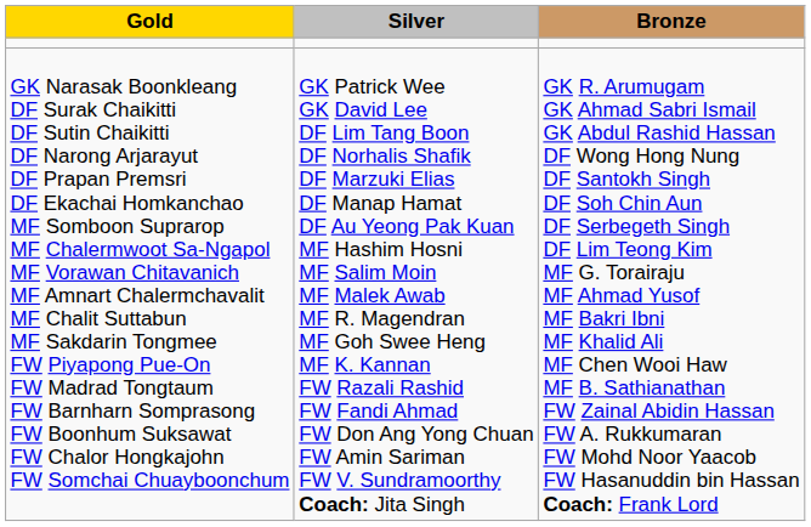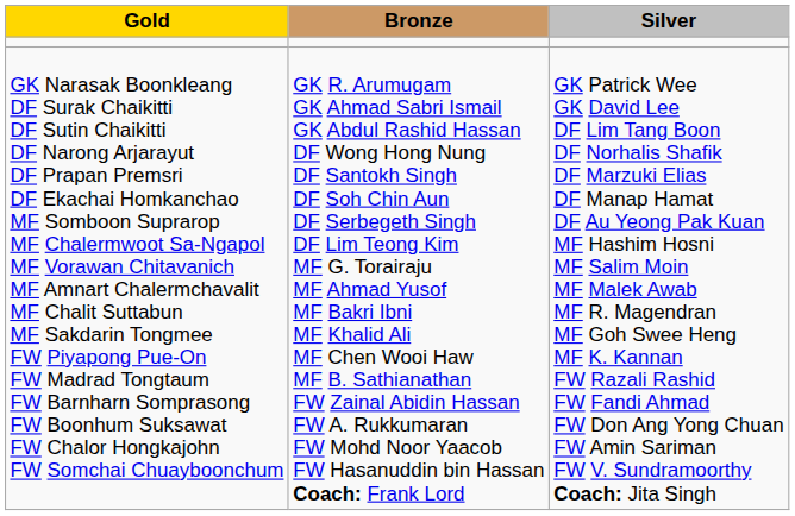 <table class="wikitable">
 <tr>
 <th style="background: gold">Gold</th>
+<th style="background: #cc9966">Bronze</th>
 <th style="background: silver">Silver</th>
-<th style="background: #cc9966">Bronze</th>
 </tr>
 <tr>
 <td align="center"></td>
 <td align="center"></td>
 <td align="center"></td>
 </tr>
 <tr>
 <td valign=top><br><a href='#'>GK</a> Narasak Boonkleang<br> <a href='#'>DF</a> Surak Chaikitti<br> <a href='#'>DF</a> Sutin Chaikitti<br> <a href='#'>DF</a> Narong Arjarayut <br> <a href='#'>DF</a> Prapan Premsri <br> <a href='#'>DF</a> Ekachai Homkanchao <br> <a href='#'>MF</a> Somboon Suprarop<br> <a href='#'>MF</a> <a href='#'>Chalermwoot Sa-Ngapol</a> <br> <a href='#'>MF</a> <a href='#'>Vorawan Chitavanich</a><br> <a href='#'>MF</a> Amnart Chalermchavalit<br> <a href='#'>MF</a> Chalit Suttabun<br> <a href='#'>MF</a> Sakdarin Tongmee<br> <a href='#'>FW</a> <a href='#'>Piyapong Pue-On</a><br> <a href='#'>FW</a> Madrad Tongtaum<br> <a href='#'>FW</a> Barnharn Somprasong<br> <a href='#'>FW</a> Boonhum Suksawat<br> <a href='#'>FW</a> Chalor Hongkajohn<br> <a href='#'>FW</a> <a href='#'>Somchai Chuayboonchum</a><br></td>
+<td valign=top><br><a href='#'>GK</a> <a href='#'>R. Arumugam</a><br> <a href='#'>GK</a> <a href='#'>Ahmad Sabri Ismail</a> <br> <a href='#'>GK</a> <a href='#'>Abdul Rashid Hassan</a><br> <a href='#'>DF</a> Wong Hong Nung<br> <a href='#'>DF</a> <a href='#'>Santokh Singh</a><br> <a href='#'>DF</a> <a href='#'>Soh Chin Aun</a><br> <a href='#'>DF</a> <a href='#'>Serbegeth Singh</a><br> <a href='#'>DF</a> <a href='#'>Lim Teong Kim</a><br> <a href='#'>MF</a> G. Torairaju<br> <a href='#'>MF</a> <a href='#'>Ahmad Yusof</a><br> <a href='#'>MF</a> <a href='#'>Bakri Ibni</a><br> <a href='#'>MF</a> <a href='#'>Khalid Ali</a><br> <a href='#'>MF</a> Chen Wooi Haw<br> <a href='#'>MF</a> <a href='#'>B. Sathianathan</a><br> <a href='#'>FW</a> <a href='#'>Zainal Abidin Hassan</a><br> <a href='#'>FW</a> A. Rukkumaran <br> <a href='#'>FW</a> Mohd Noor Yaacob <br> <a href='#'>FW</a> Hasanuddin bin Hassan<br> <strong>Coach:</strong> <a href='#'>Frank Lord</a> <br></td>
 <td valign="top"><br><a href='#'>GK</a> Patrick Wee<br> <a href='#'>GK</a> <a href='#'>David Lee</a><br> <a href='#'>DF</a> <a href='#'>Lim Tang Boon</a><br> <a href='#'>DF</a> <a href='#'>Norhalis Shafik</a><br> <a href='#'>DF</a> <a href='#'>Marzuki Elias</a><br> <a href='#'>DF</a> Manap Hamat<br> <a href='#'>DF</a> <a href='#'>Au Yeong Pak Kuan</a><br> <a href='#'>MF</a> Hashim Hosni<br> <a href='#'>MF</a> <a href='#'>Salim Moin</a><br> <a href='#'>MF</a> <a href='#'>Malek Awab</a><br> <a href='#'>MF</a> R. Magendran<br> <a href='#'>MF</a> Goh Swee Heng<br> <a href='#'>MF</a> <a href='#'>K. Kannan</a><br> <a href='#'>FW</a> <a href='#'>Razali Rashid</a><br> <a href='#'>FW</a> <a href='#'>Fandi Ahmad</a><br> <a href='#'>FW</a> Don Ang Yong Chuan<br> <a href='#'>FW</a> Amin Sariman<br> <a href='#'>FW</a> <a href='#'>V. Sundramoorthy</a><br> <strong>Coach:</strong> Jita Singh <br></td>
-<td valign=top><br><a href='#'>GK</a> <a href='#'>R. Arumugam</a><br> <a href='#'>GK</a> <a href='#'>Ahmad Sabri Ismail</a> <br> <a href='#'>GK</a> <a href='#'>Abdul Rashid Hassan</a><br> <a href='#'>DF</a> Wong Hong Nung<br> <a href='#'>DF</a> <a href='#'>Santokh Singh</a><br> <a href='#'>DF</a> <a href='#'>Soh Chin Aun</a><br> <a href='#'>DF</a> <a href='#'>Serbegeth Singh</a><br> <a href='#'>DF</a> <a href='#'>Lim Teong Kim</a><br> <a href='#'>MF</a> G. Torairaju<br> <a href='#'>MF</a> <a href='#'>Ahmad Yusof</a><br> <a href='#'>MF</a> <a href='#'>Bakri Ibni</a><br> <a href='#'>MF</a> <a href='#'>Khalid Ali</a><br> <a href='#'>MF</a> Chen Wooi Haw<br> <a href='#'>MF</a> <a href='#'>B. Sathianathan</a><br> <a href='#'>FW</a> <a href='#'>Zainal Abidin Hassan</a><br> <a href='#'>FW</a> A. Rukkumaran <br> <a href='#'>FW</a> Mohd Noor Yaacob <br> <a href='#'>FW</a> Hasanuddin bin Hassan<br> <strong>Coach:</strong> <a href='#'>Frank Lord</a> <br></td>
 </tr>
 </table>
